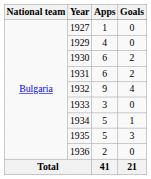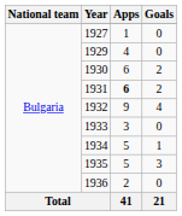 <table class=wikitable style=text-align:center>
 <tr>
 <th>National team</th>
 <th>Year</th>
 <th>Apps</th>
 <th>Goals</th>
 </tr>
 <tr>
 <td rowspan=10><a href='#'>Bulgaria</a></td>
 </tr>
 <tr>
 <td>1927</td>
 <td>1</td>
 <td>0</td>
 </tr>
 <tr>
 <td>1929</td>
 <td>4</td>
 <td>0</td>
 </tr>
 <tr>
 <td>1930</td>
 <td>6</td>
 <td>2</td>
 </tr>
 <tr>
 <td>1931</td>
-<td>6</td>
+<td><strong>6</strong></td>
 <td>2</td>
 </tr>
 <tr>
 <td>1932</td>
 <td>9</td>
 <td>4</td>
 </tr>
 <tr>
 <td>1933</td>
 <td>3</td>
 <td>0</td>
 </tr>
 <tr>
 <td>1934</td>
 <td>5</td>
 <td>1</td>
 </tr>
 <tr>
 <td>1935</td>
 <td>5</td>
 <td>3</td>
 </tr>
 <tr>
 <td>1936</td>
 <td>2</td>
 <td>0</td>
 </tr>
 <tr>
 <th colspan=2>Total</th>
 <th>41</th>
 <th>21</th>
 </tr>
 </table>
